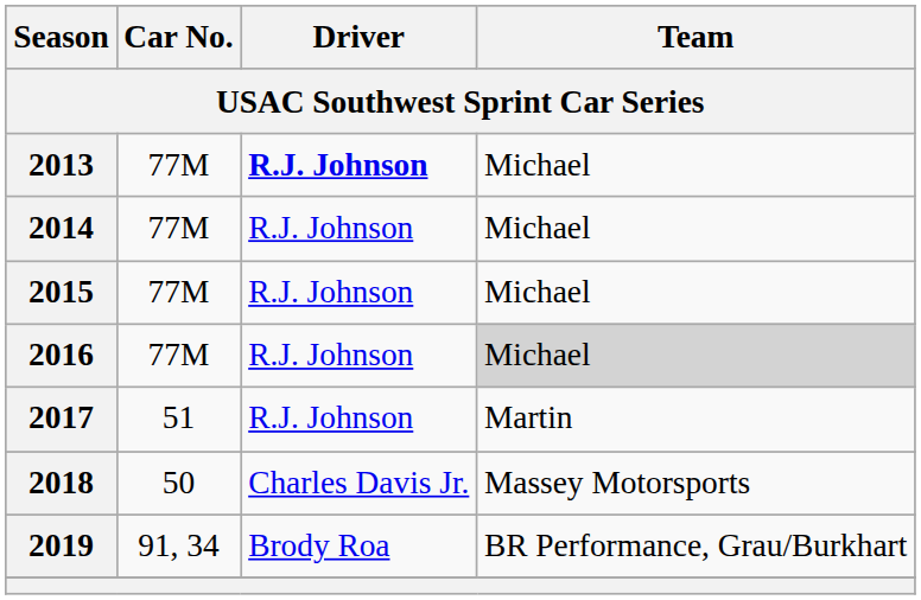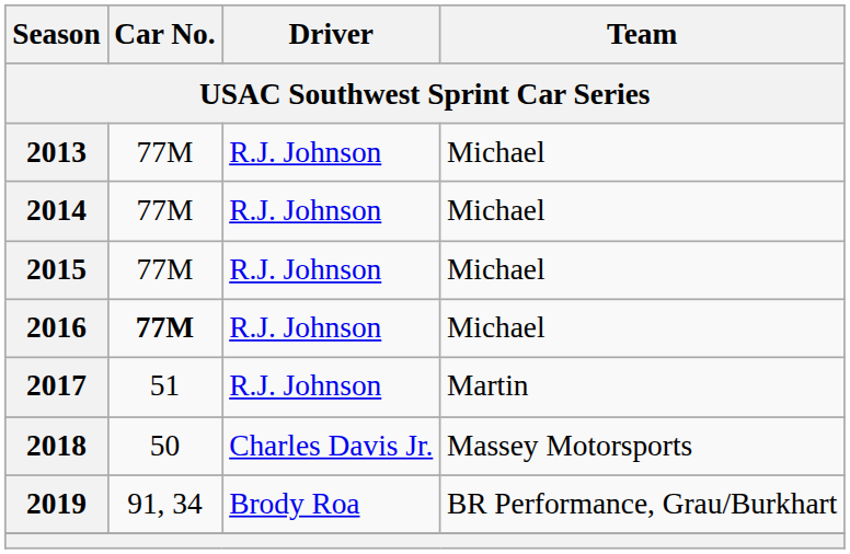 <table class="wikitable sortable" style="font-size:1.00em; line-height:1.5em;">
 <tr>
 <th>Season</th>
 <th>Car No.</th>
 <th>Driver</th>
 <th>Team</th>
 </tr>
 <tr>
 <th colspan="4">USAC Southwest Sprint Car Series</th>
 </tr>
 <tr>
 <th>2013</th>
 <td align="center">77M</td>
-<td><strong><a href='#'>R.J. Johnson</a></strong></td>
+<td><a href='#'>R.J. Johnson</a></td>
 <td>Michael</td>
 </tr>
 <tr>
 <th>2014</th>
 <td align="center">77M</td>
 <td><a href='#'>R.J. Johnson</a></td>
 <td>Michael</td>
 </tr>
 <tr>
 <th>2015</th>
 <td align="center">77M</td>
 <td><a href='#'>R.J. Johnson</a></td>
 <td>Michael</td>
 </tr>
 <tr>
 <th>2016</th>
-<td align="center">77M</td>
+<td align="center"><strong>77M</strong></td>
 <td><a href='#'>R.J. Johnson</a></td>
-<td style="background: lightgrey;">Michael</td>
+<td>Michael</td>
 </tr>
 <tr>
 <th>2017</th>
 <td align="center">51</td>
 <td><a href='#'>R.J. Johnson</a></td>
 <td>Martin</td>
 </tr>
 <tr>
 <th>2018</th>
 <td align="center">50</td>
 <td><a href='#'>Charles Davis Jr.</a></td>
 <td>Massey Motorsports</td>
 </tr>
 <tr>
 <th>2019</th>
 <td align=center>91, 34</td>
 <td><a href='#'>Brody Roa</a></td>
 <td>BR Performance, Grau/Burkhart</td>
 </tr>
 <tr>
 </tr>
 <tr>
 <th colspan=5 align="center"></th>
 </tr>
 </table>
